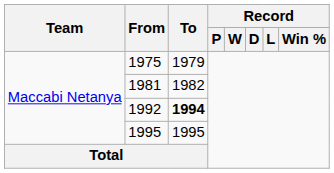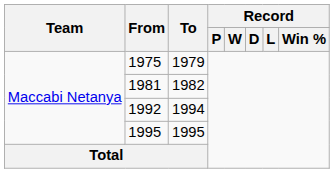 <table class="wikitable" style="text-align: center">
 <tr>
 <th rowspan=2>Team</th>
 <th rowspan=2>From</th>
 <th rowspan=2>To</th>
 <th colspan=7>Record</th>
 </tr>
 <tr>
 <th>P</th>
 <th>W</th>
 <th>D</th>
 <th>L</th>
 <th>Win %</th>
 </tr>
 <tr>
 <td rowspan="4" valign="center"><a href='#'>Maccabi Netanya</a></td>
 <td align=left>1975</td>
 <td align=left>1979<br></td>
 </tr>
 <tr>
 <td align=left>1981</td>
 <td align=left>1982<br></td>
 </tr>
 <tr>
 <td align=left>1992</td>
-<td align=left><strong>1994<br></strong></td>
+<td align=left>1994<br></td>
 </tr>
 <tr>
 <td align=left>1995</td>
 <td align=left>1995<br></td>
 </tr>
 <tr>
 <th colspan=3>Total<br></th>
 </tr>
 </table>
